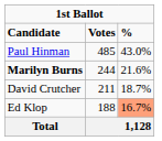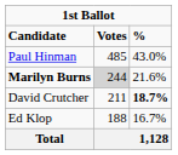 <table class="wikitable">
 <tr>
 <td colspan="3" style="text-align:center;"><strong>1st Ballot</strong></td>
 </tr>
 <tr>
 <td><strong>Candidate</strong></td>
 <td><strong>Votes</strong></td>
 <td><strong>%</strong></td>
 </tr>
 <tr>
 <td><a href='#'>Paul Hinman</a></td>
 <td style="text-align:right;">485</td>
 <td>43.0%</td>
 </tr>
 <tr>
 <td><strong>Marilyn Burns</strong></td>
-<td style="text-align:right;">244</td>
+<td style="background: lightgrey; text-align:right;">244</td>
 <td>21.6%</td>
 </tr>
 <tr>
 <td>David Crutcher</td>
 <td style="text-align:right;">211</td>
-<td>18.7%</td>
+<td><strong>18.7%</strong></td>
 </tr>
 <tr>
 <td>Ed Klop</td>
 <td style="text-align:right;">188</td>
-<td style="background: lightsalmon;">16.7%</td>
+<td>16.7%</td>
 </tr>
 <tr>
 <th>Total</th>
 <th colspan="2" style="text-align:right;">1,128</th>
 </tr>
 </table>
